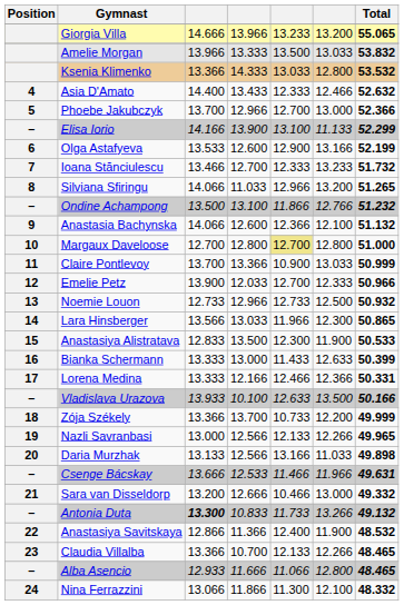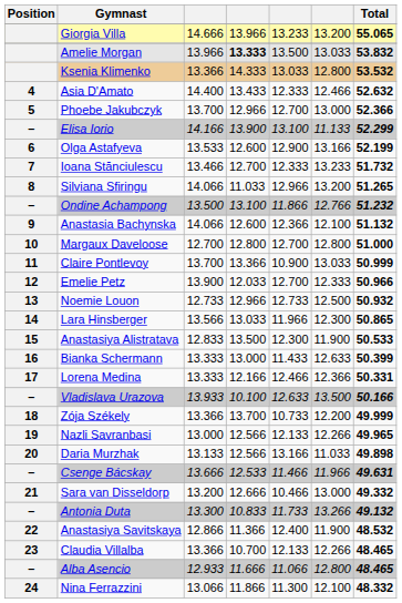 <table class="wikitable sortable">
 <tr>
 <th><strong>Position</strong></th>
 <th><strong>Gymnast</strong></th>
 <th><strong></strong></th>
 <th><strong></strong></th>
 <th><strong></strong></th>
 <th><strong></strong></th>
 <th><strong>Total</strong></th>
 </tr>
 <tr>
 </tr>
 <tr style="background:#fffcaf;">
 <th scope="row" style="text-align:center"><strong></strong></th>
 <td> <a href='#'>Giorgia Villa</a></td>
 <td>14.666</td>
 <td>13.966</td>
 <td>13.233</td>
 <td>13.200</td>
 <td><strong>55.065</strong></td>
 </tr>
 <tr>
 </tr>
 <tr style="background:#e5e5e5;">
 <th scope="row" style="text-align:center"><strong></strong></th>
 <td> <a href='#'>Amelie Morgan</a></td>
 <td>13.966</td>
-<td>13.333</td>
+<td><strong>13.333</strong></td>
 <td>13.500</td>
 <td>13.033</td>
 <td><strong>53.832</strong></td>
 </tr>
 <tr style="background:#ec9;">
 <th scope="row" style="text-align:center"><strong></strong></th>
 <td> <a href='#'>Ksenia Klimenko</a></td>
 <td>13.366</td>
 <td>14.333</td>
 <td>13.033</td>
 <td>12.800</td>
 <td><strong>53.532</strong></td>
 </tr>
 <tr>
 <th><strong>4</strong></th>
 <td> <a href='#'>Asia D'Amato</a></td>
 <td>14.400</td>
 <td>13.433</td>
 <td>12.333</td>
 <td>12.466</td>
 <td><strong>52.632</strong></td>
 </tr>
 <tr>
 <th><strong>5</strong></th>
 <td> <a href='#'>Phoebe Jakubczyk</a></td>
 <td>13.700</td>
 <td>12.966</td>
 <td>12.700</td>
 <td>13.000</td>
 <td><strong>52.366</strong></td>
 </tr>
 <tr style="background:#cccccc;">
 <th scope="row" style="text-align:center"><strong>–</strong></th>
 <td><em> <a href='#'>Elisa Iorio</a></em></td>
 <td><em>14.166</em></td>
 <td><em>13.900</em></td>
 <td><em>13.100</em></td>
 <td><em>11.133</em></td>
 <td><strong><em>52.299</em></strong></td>
 </tr>
 <tr>
 <th><strong>6</strong></th>
 <td> <a href='#'>Olga Astafyeva</a></td>
 <td>13.533</td>
 <td>12.600</td>
 <td>12.900</td>
 <td>13.166</td>
 <td><strong>52.199</strong></td>
 </tr>
 <tr>
 <th><strong>7</strong></th>
 <td> <a href='#'>Ioana Stănciulescu</a></td>
 <td>13.466</td>
 <td>12.700</td>
 <td>12.333</td>
 <td>13.233</td>
 <td><strong>51.732</strong></td>
 </tr>
 <tr>
 <th><strong>8</strong></th>
 <td> <a href='#'>Silviana Sfiringu</a></td>
 <td>14.066</td>
 <td>11.033</td>
 <td>12.966</td>
 <td>13.200</td>
 <td><strong>51.265</strong></td>
 </tr>
 <tr style="background:#cccccc;">
 <th scope="row" style="text-align:center"><strong>–</strong></th>
 <td><em> <a href='#'>Ondine Achampong</a></em></td>
 <td><em>13.500</em></td>
 <td><em>13.100</em></td>
 <td><em>11.866</em></td>
 <td><em>12.766</em></td>
 <td><strong><em>51.232</em></strong></td>
 </tr>
 <tr>
 <th><strong>9</strong></th>
 <td> <a href='#'>Anastasia Bachynska</a></td>
 <td>14.066</td>
 <td>12.600</td>
 <td>12.366</td>
 <td>12.100</td>
 <td><strong>51.132</strong></td>
 </tr>
 <tr>
 <th><strong>10</strong></th>
 <td> <a href='#'>Margaux Daveloose</a></td>
 <td>12.700</td>
 <td>12.800</td>
-<td style="background: khaki;">12.700</td>
+<td>12.700</td>
 <td>12.800</td>
 <td><strong>51.000</strong></td>
 </tr>
 <tr>
 <th><strong>11</strong></th>
 <td> <a href='#'>Claire Pontlevoy</a></td>
 <td>13.700</td>
 <td>13.366</td>
 <td>10.900</td>
 <td>13.033</td>
 <td><strong>50.999</strong></td>
 </tr>
 <tr>
 <th><strong>12</strong></th>
 <td> <a href='#'>Emelie Petz</a></td>
 <td>13.900</td>
 <td>12.033</td>
 <td>12.700</td>
 <td>12.333</td>
 <td><strong>50.966</strong></td>
 </tr>
 <tr>
 <th><strong>13</strong></th>
 <td> <a href='#'>Noemie Louon</a></td>
 <td>12.733</td>
 <td>12.966</td>
 <td>12.733</td>
 <td>12.500</td>
 <td><strong>50.932</strong></td>
 </tr>
 <tr>
 <th><strong>14</strong></th>
 <td> <a href='#'>Lara Hinsberger</a></td>
 <td>13.566</td>
 <td>13.033</td>
 <td>11.966</td>
 <td>12.300</td>
 <td><strong>50.865</strong></td>
 </tr>
 <tr>
 <th><strong>15</strong></th>
 <td> <a href='#'>Anastasiya Alistratava</a></td>
 <td>12.833</td>
 <td>13.500</td>
 <td>12.300</td>
 <td>11.900</td>
 <td><strong>50.533</strong></td>
 </tr>
 <tr>
 <th><strong>16</strong></th>
 <td> <a href='#'>Bianka Schermann</a></td>
 <td>13.333</td>
 <td>13.000</td>
 <td>11.433</td>
 <td>12.633</td>
 <td><strong>50.399</strong></td>
 </tr>
 <tr>
 <th><strong>17</strong></th>
 <td> <a href='#'>Lorena Medina</a></td>
 <td>13.333</td>
 <td>12.166</td>
 <td>12.466</td>
 <td>12.366</td>
 <td><strong>50.331</strong></td>
 </tr>
 <tr style="background:#cccccc;">
 <th scope="row" style="text-align:center"><strong>–</strong></th>
 <td><em> <a href='#'>Vladislava Urazova</a></em></td>
 <td><em>13.933</em></td>
 <td><em>10.100</em></td>
 <td><em>12.633</em></td>
 <td><em>13.500</em></td>
 <td><strong><em>50.166</em></strong></td>
 </tr>
 <tr>
 <th><strong>18</strong></th>
 <td> <a href='#'>Zója Székely</a></td>
 <td>13.366</td>
 <td>13.700</td>
 <td>10.733</td>
 <td>12.200</td>
 <td><strong>49.999</strong></td>
 </tr>
 <tr>
 <th><strong>19</strong></th>
 <td> <a href='#'>Nazli Savranbasi</a></td>
 <td>13.000</td>
 <td>12.566</td>
 <td>12.133</td>
 <td>12.266</td>
 <td><strong>49.965</strong></td>
 </tr>
 <tr>
 <th><strong>20</strong></th>
 <td> <a href='#'>Daria Murzhak</a></td>
 <td>13.133</td>
 <td>12.566</td>
 <td>13.166</td>
 <td>11.033</td>
 <td><strong>49.898</strong></td>
 </tr>
 <tr style="background:#cccccc;">
 <th scope="row" style="text-align:center"><strong>–</strong></th>
 <td><em> <a href='#'>Csenge Bácskay</a></em></td>
 <td><em>13.666</em></td>
 <td><em>12.533</em></td>
 <td><em>11.466</em></td>
 <td><em>11.966</em></td>
 <td><strong><em>49.631</em></strong></td>
 </tr>
 <tr>
 <th><strong>21</strong></th>
 <td> <a href='#'>Sara van Disseldorp</a></td>
 <td>13.200</td>
 <td>12.666</td>
 <td>10.466</td>
 <td>13.000</td>
 <td><strong>49.332</strong></td>
 </tr>
 <tr style="background:#cccccc;">
 <th scope="row" style="text-align:center"><strong>–</strong></th>
 <td><em> <a href='#'>Antonia Duta</a></em></td>
-<td><strong><em>13.300</em></strong></td>
+<td><em>13.300</em></td>
 <td><em>10.833</em></td>
 <td><em>11.733</em></td>
 <td><em>13.266</em></td>
 <td><strong><em>49.132</em></strong></td>
 </tr>
 <tr>
 <th><strong>22</strong></th>
 <td> <a href='#'>Anastasiya Savitskaya</a></td>
 <td>12.866</td>
 <td>11.366</td>
 <td>12.400</td>
 <td>11.900</td>
 <td><strong>48.532</strong></td>
 </tr>
 <tr>
 <th><strong>23</strong></th>
 <td> <a href='#'>Claudia Villalba</a></td>
 <td>13.366</td>
 <td>10.700</td>
 <td>12.133</td>
 <td>12.266</td>
 <td><strong>48.465</strong></td>
 </tr>
 <tr style="background:#cccccc;">
 <th scope="row" style="text-align:center"><strong>–</strong></th>
 <td><em> <a href='#'>Alba Asencio</a></em></td>
 <td><em>12.933</em></td>
 <td><em>11.666</em></td>
 <td><em>11.066</em></td>
 <td><em>12.800</em></td>
 <td><strong><em>48.465</em></strong></td>
 </tr>
 <tr>
 <th><strong>24</strong></th>
 <td> <a href='#'>Nina Ferrazzini</a></td>
 <td>13.066</td>
 <td>11.866</td>
 <td>11.300</td>
 <td>12.100</td>
 <td><strong>48.332</strong></td>
 </tr>
 </table>
